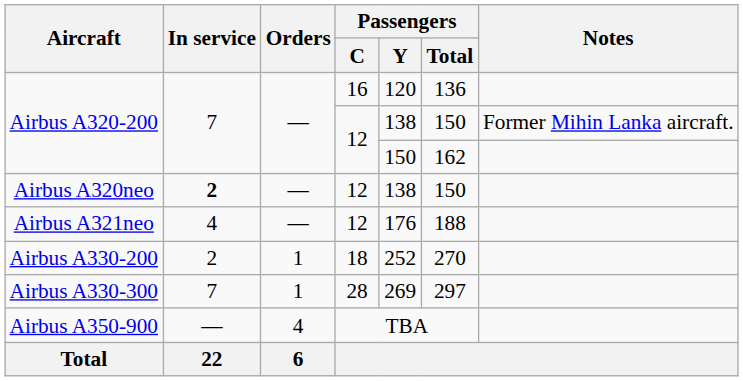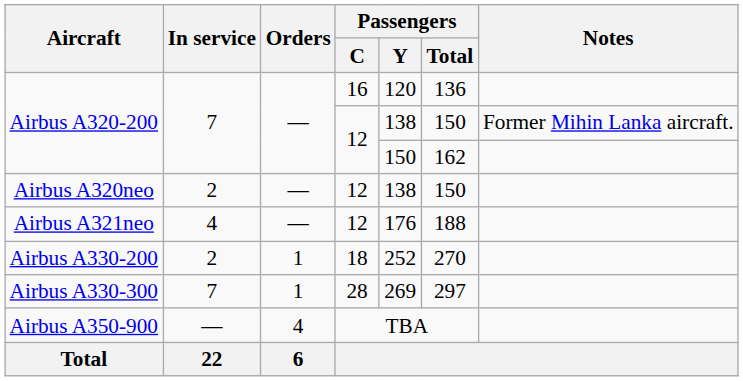 <table class="wikitable" style="margin:0.5em auto;text-align:center; margin:auto;">
 <tr>
 <th rowspan="2">Aircraft</th>
 <th rowspan="2">In service</th>
 <th rowspan="2">Orders</th>
 <th colspan="3">Passengers</th>
 <th rowspan="2">Notes</th>
 </tr>
 <tr>
 <th style="width:25px;"><abbr>C</abbr></th>
 <th style="width:25px;"><abbr>Y</abbr></th>
 <th style="width:25px;">Total</th>
 </tr>
 <tr>
 <td rowspan="3"><a href='#'>Airbus A320-200</a></td>
 <td rowspan="3">7</td>
 <td rowspan="3">—</td>
 <td>16</td>
 <td>120</td>
 <td>136</td>
 <td></td>
 </tr>
 <tr>
 <td rowspan="2">12</td>
 <td>138</td>
 <td>150</td>
 <td>Former <a href='#'>Mihin Lanka</a> aircraft.</td>
 </tr>
 <tr>
 <td>150</td>
 <td>162</td>
 <td></td>
 </tr>
 <tr>
 <td><a href='#'>Airbus A320neo</a></td>
-<td><strong>2</strong></td>
+<td>2</td>
 <td>—</td>
 <td>12</td>
 <td>138</td>
 <td>150</td>
 <td></td>
 </tr>
 <tr>
 <td><a href='#'>Airbus A321neo</a></td>
 <td>4</td>
 <td>—</td>
 <td>12</td>
 <td>176</td>
 <td>188</td>
 <td></td>
 </tr>
 <tr>
 <td><a href='#'>Airbus A330-200</a></td>
 <td>2</td>
 <td>1</td>
 <td>18</td>
 <td>252</td>
 <td>270</td>
 <td></td>
 </tr>
 <tr>
 <td><a href='#'>Airbus A330-300</a></td>
 <td>7</td>
 <td>1</td>
 <td>28</td>
 <td>269</td>
 <td>297</td>
 <td></td>
 </tr>
 <tr>
 <td><a href='#'>Airbus A350-900</a></td>
 <td>—</td>
 <td>4</td>
 <td colspan="3"><abbr>TBA</abbr></td>
 <td></td>
 </tr>
 <tr>
 <th>Total</th>
 <th>22</th>
 <th>6</th>
 <th colspan="4"></th>
 </tr>
 </table>
